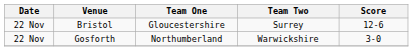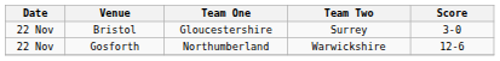 <table class="wikitable" style="text-align: center">
 <tr>
 <th width=70>Date</th>
 <th width=120>Venue</th>
 <th width=150>Team One</th>
 <th width=150>Team Two</th>
 <th width=100>Score</th>
 </tr>
 <tr>
 <td>22 Nov</td>
 <td>Bristol</td>
 <td>Gloucestershire</td>
 <td>Surrey</td>
-<td>12-6</td>
+<td>3-0</td>
 </tr>
 <tr>
 <td>22 Nov</td>
 <td>Gosforth</td>
 <td>Northumberland</td>
 <td>Warwickshire</td>
-<td>3-0</td>
+<td>12-6</td>
 </tr>
 <tr>
 </tr>
 </table>
